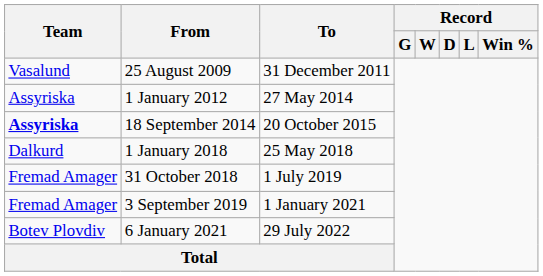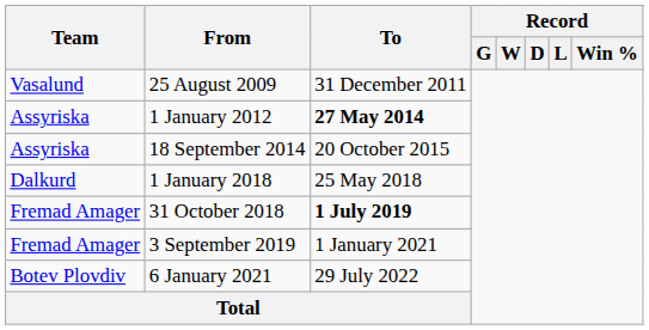 <table class="wikitable" style="text-align: center">
 <tr>
 <th rowspan="2">Team</th>
 <th rowspan="2">From</th>
 <th rowspan="2">To</th>
 <th colspan="5">Record</th>
 </tr>
 <tr>
 <th>G</th>
 <th>W</th>
 <th>D</th>
 <th>L</th>
 <th>Win %</th>
 </tr>
 <tr>
 <td align=left><a href='#'>Vasalund</a></td>
 <td align=left>25 August 2009</td>
 <td align=left>31 December 2011<br></td>
 </tr>
 <tr>
 <td align=left><a href='#'>Assyriska</a></td>
 <td align=left>1 January 2012</td>
-<td align=left>27 May 2014<br></td>
+<td align=left><strong>27 May 2014<br></strong></td>
 </tr>
 <tr>
-<td align=left><strong><a href='#'>Assyriska</a></strong></td>
+<td align=left><a href='#'>Assyriska</a></td>
 <td align=left>18 September 2014</td>
 <td align=left>20 October 2015<br></td>
 </tr>
 <tr>
 <td align=left><a href='#'>Dalkurd</a></td>
 <td align=left>1 January 2018</td>
 <td align=left>25 May 2018<br></td>
 </tr>
 <tr>
 <td align=left><a href='#'>Fremad Amager</a></td>
 <td align=left>31 October 2018</td>
-<td align=left>1 July 2019<br></td>
+<td align=left><strong>1 July 2019<br></strong></td>
 </tr>
 <tr>
 <td align=left><a href='#'>Fremad Amager</a></td>
 <td align=left>3 September 2019</td>
 <td align=left>1 January 2021<br></td>
 </tr>
 <tr>
 <td align=left><a href='#'>Botev Plovdiv</a></td>
 <td align=left>6 January 2021</td>
 <td align=left>29 July 2022<br></td>
 </tr>
 <tr>
 <th colspan="3">Total<br></th>
 </tr>
 </table>
